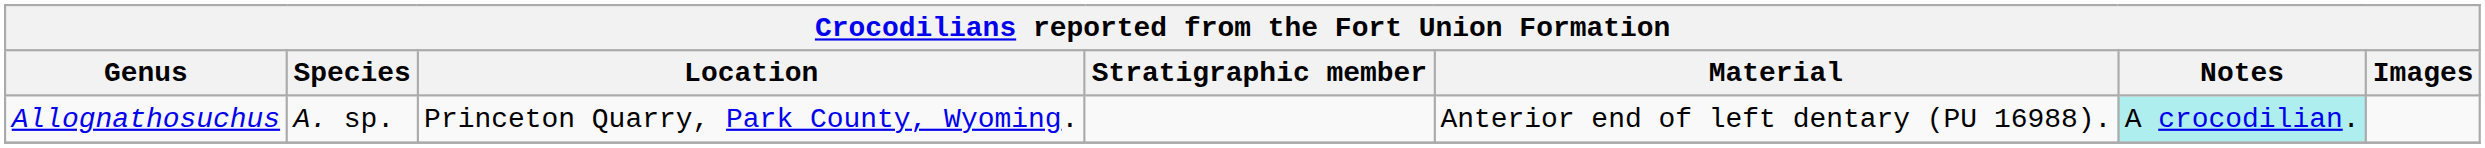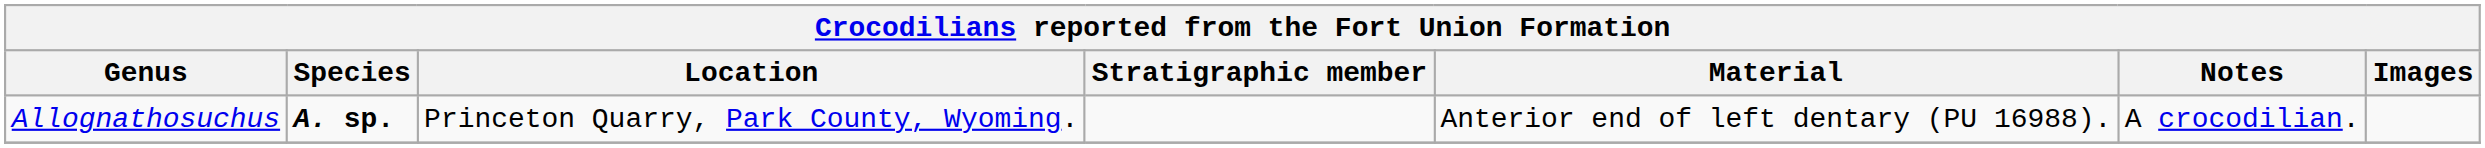 <table class="wikitable" align="center">
 <tr>
 <th colspan="7" align="center"><strong><a href='#'>Crocodilians</a> reported from the Fort Union Formation</strong></th>
 </tr>
 <tr>
 <th>Genus</th>
 <th>Species</th>
 <th>Location</th>
 <th><strong>Stratigraphic member</strong></th>
 <th><strong>Material</strong></th>
 <th>Notes</th>
 <th>Images</th>
 </tr>
 <tr>
 <td><em><a href='#'>Allognathosuchus</a></em></td>
-<td><em>A.</em> sp.</td>
+<td><strong><em>A.</em> sp.</strong></td>
 <td>Princeton Quarry, <a href='#'>Park County, Wyoming</a>.</td>
 <td></td>
 <td>Anterior end of left dentary (PU 16988).</td>
-<td style="background: paleturquoise;">A <a href='#'>crocodilian</a>.</td>
+<td>A <a href='#'>crocodilian</a>.</td>
 <td></td>
 </tr>
 <tr>
 </tr>
 </table>
